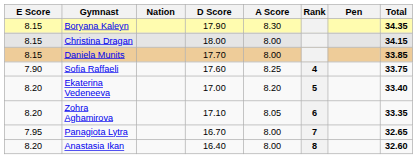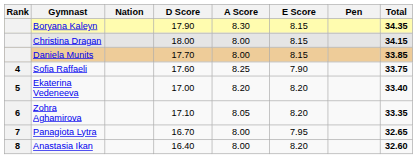 <table class="wikitable sortable" style="text-align:center; font-size:85%">
 <tr>
-<th ! scope="col" style="width:170px;">E Score</th>
+<th scope="col" style="width:20px;">Rank</th>
 <th ! scope="col" style="width:170px;">Gymnast</th>
 <th ! scope="col" style="width:120px;">Nation</th>
 <th ! scope="col" style="width:170px;">D Score</th>
 <th ! scope="col" style="width:170px;">A Score</th>
-<th scope="col" style="width:20px;">Rank</th>
+<th ! scope="col" style="width:170px;">E Score</th>
 <th ! scope="col" style="width:170px;">Pen</th>
 <th scope="col" style="width:60px;" !>Total</th>
 </tr>
 <tr bgcolor=fffcaf>
-<td>8.15</td>
+<th scope=row></th>
 <td align=left><a href='#'>Boryana Kaleyn</a></td>
 <td style="text-align:left;"></td>
 <td>17.90</td>
 <td>8.30</td>
-<th scope=row></th>
+<td>8.15</td>
 <td></td>
 <td><strong>34.35</strong></td>
 </tr>
 <tr bgcolor=e5e5e5>
-<td>8.15</td>
+<th scope=row></th>
 <td align=left><a href='#'>Christina Dragan</a></td>
 <td style="text-align:left;"></td>
 <td>18.00</td>
 <td>8.00</td>
-<th scope=row></th>
+<td>8.15</td>
 <td></td>
 <td><strong>34.15</strong></td>
 </tr>
 <tr bgcolor=eecc99>
-<td>8.15</td>
+<th scope=row></th>
 <td align=left><a href='#'>Daniela Munits</a></td>
 <td style="text-align:left;"></td>
 <td>17.70</td>
 <td>8.00</td>
-<th scope=row></th>
+<td>8.15</td>
 <td></td>
 <td><strong>33.85</strong></td>
 </tr>
 <tr>
-<td>7.90</td>
+<th scope=row>4</th>
 <td align=left><a href='#'>Sofia Raffaeli</a></td>
 <td style="text-align:left;"></td>
 <td>17.60</td>
 <td>8.25</td>
-<th scope=row>4</th>
+<td>7.90</td>
 <td></td>
 <td><strong>33.75</strong></td>
 </tr>
 <tr>
-<td>8.20</td>
+<th scope=row>5</th>
 <td align=left><a href='#'>Ekaterina Vedeneeva</a></td>
 <td style="text-align:left;"></td>
 <td>17.00</td>
 <td>8.20</td>
-<th scope=row>5</th>
+<td>8.20</td>
 <td></td>
 <td><strong>33.40</strong></td>
 </tr>
 <tr>
-<td>8.20</td>
+<th scope=row>6</th>
 <td align=left><a href='#'>Zohra Aghamirova</a></td>
 <td style="text-align:left;"></td>
 <td>17.10</td>
 <td>8.05</td>
-<th scope=row>6</th>
+<td>8.20</td>
 <td></td>
 <td><strong>33.35</strong></td>
 </tr>
 <tr>
-<td>7.95</td>
+<th scope=row>7</th>
 <td align=left><a href='#'>Panagiota Lytra</a></td>
 <td style="text-align:left;"></td>
 <td>16.70</td>
 <td>8.00</td>
-<th scope=row>7</th>
+<td>7.95</td>
 <td></td>
 <td><strong>32.65</strong></td>
 </tr>
 <tr>
-<td>8.20</td>
+<th scope=row>8</th>
 <td align=left><a href='#'>Anastasia Ikan</a></td>
 <td style="text-align:left;"></td>
 <td>16.40</td>
 <td>8.00</td>
-<th scope=row>8</th>
+<td>8.20</td>
 <td></td>
 <td><strong>32.60</strong></td>
 </tr>
 </table>
